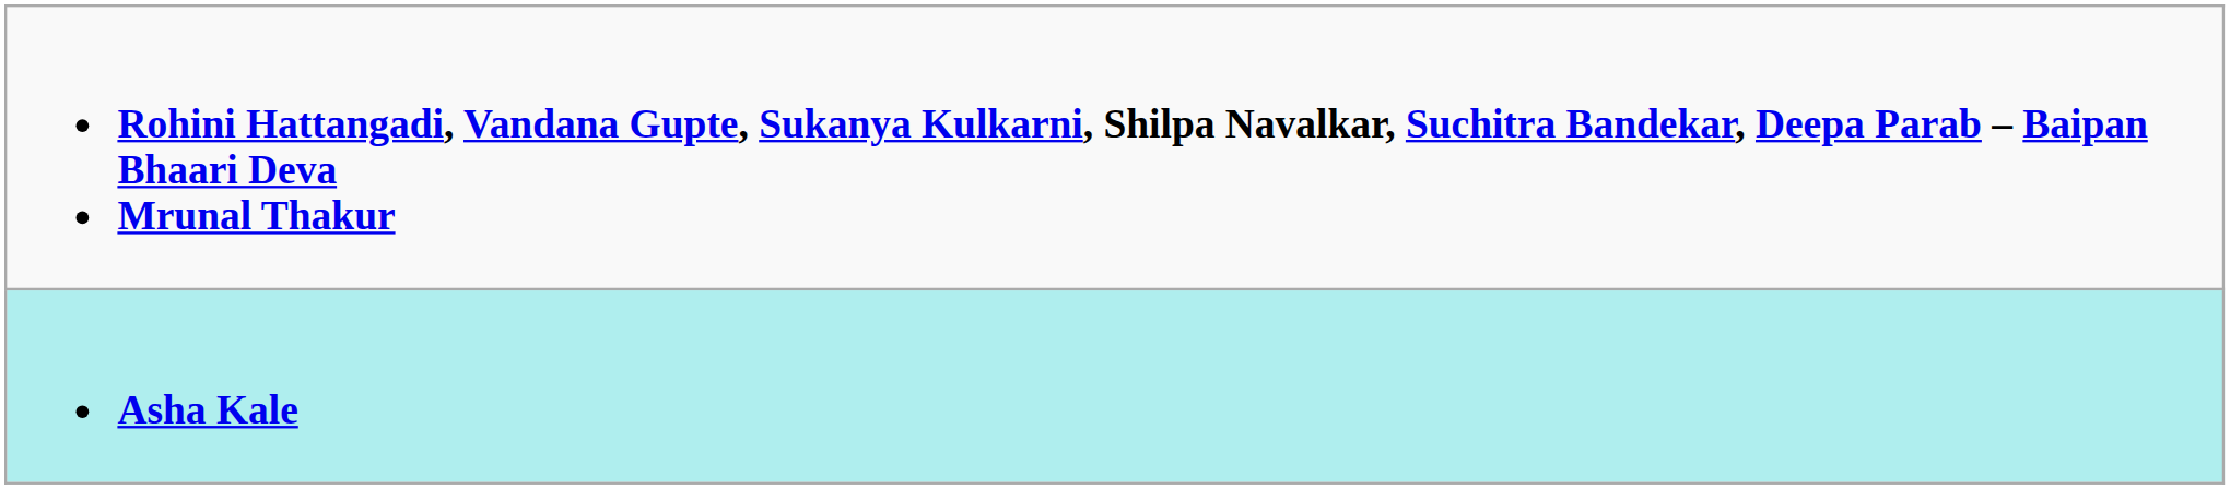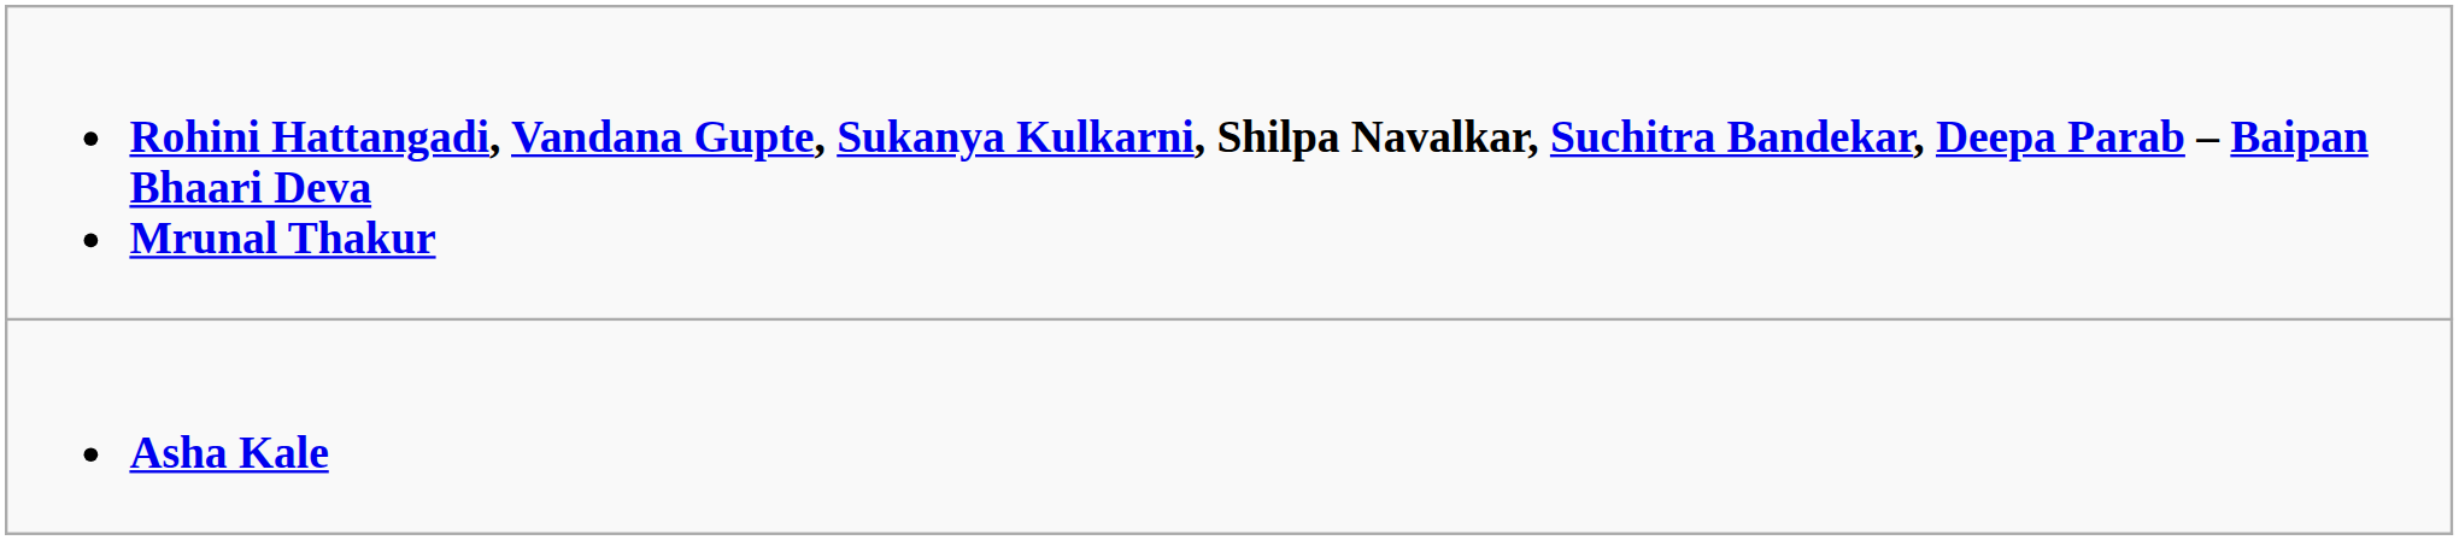 <table class="wikitable" role="presentation">
 <tr>
 <td style="vertical-align:top; width:100%;"><br><ul><li><strong><a href='#'>Rohini Hattangadi</a>, <a href='#'>Vandana Gupte</a>, <a href='#'>Sukanya Kulkarni</a>, Shilpa Navalkar, <a href='#'>Suchitra Bandekar</a>, <a href='#'>Deepa Parab</a> – <a href='#'>Baipan Bhaari Deva</a></strong></li><li><strong><a href='#'>Mrunal Thakur</a></strong></li></ul></td>
 </tr>
 <tr>
-<td style="background: paleturquoise; vertical-align:top; width:50%;"><br><ul><li><strong><a href='#'>Asha Kale</a></strong></li></ul></td>
+<td style="vertical-align:top; width:50%;"><br><ul><li><strong><a href='#'>Asha Kale</a></strong></li></ul></td>
 </tr>
 </table>
